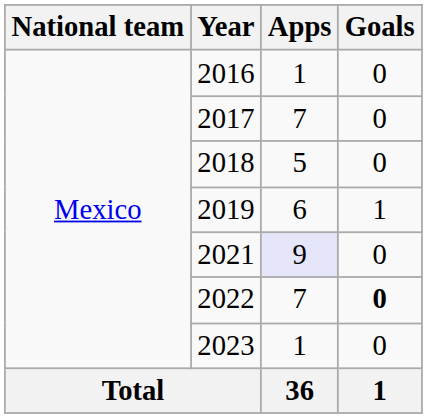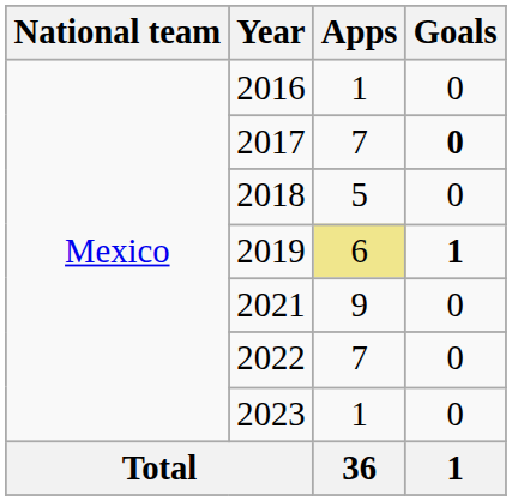 <table class="wikitable" style="text-align:center">
 <tr>
 <th>National team</th>
 <th>Year</th>
 <th>Apps</th>
 <th>Goals</th>
 </tr>
 <tr>
 <td rowspan="7"><a href='#'>Mexico</a></td>
 <td>2016</td>
 <td>1</td>
 <td>0</td>
 </tr>
 <tr>
 <td>2017</td>
 <td>7</td>
-<td>0</td>
+<td><strong>0</strong></td>
 </tr>
 <tr>
 <td>2018</td>
 <td>5</td>
 <td>0</td>
 </tr>
 <tr>
 <td>2019</td>
-<td>6</td>
-<td>1</td>
+<td style="background: khaki;">6</td>
+<td><strong>1</strong></td>
 </tr>
 <tr>
 <td>2021</td>
-<td style="background: lavender;">9</td>
+<td>9</td>
 <td>0</td>
 </tr>
 <tr>
 <td>2022</td>
 <td>7</td>
-<td><strong>0</strong></td>
+<td>0</td>
 </tr>
 <tr>
 <td>2023</td>
 <td>1</td>
 <td>0</td>
 </tr>
 <tr>
 <th colspan="2">Total</th>
 <th>36</th>
 <th>1</th>
 </tr>
 </table>
